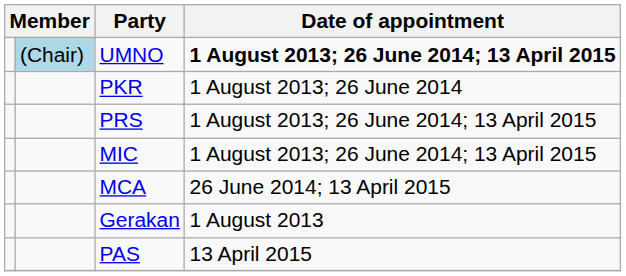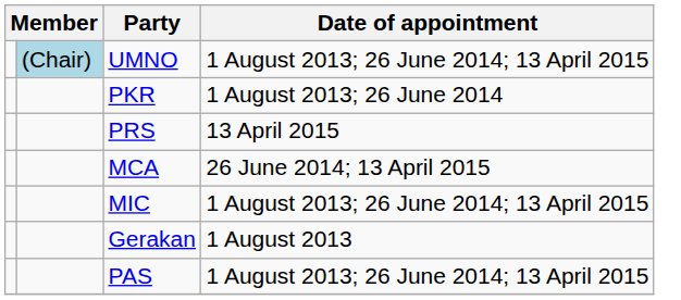 <table class="sortable wikitable">
 <tr>
 <th colspan="2" valign="top">Member</th>
 <th valign="top">Party</th>
 <th valign="top">Date of appointment</th>
 </tr>
 <tr>
 <td></td>
 <td style="background: lightblue;"> (Chair)</td>
 <td><a href='#'>UMNO</a></td>
-<td><strong>1 August 2013; 26 June 2014; 13 April 2015</strong></td>
+<td>1 August 2013; 26 June 2014; 13 April 2015</td>
 </tr>
 <tr>
 <td></td>
 <td></td>
 <td><a href='#'>PKR</a></td>
 <td>1 August 2013; 26 June 2014</td>
 </tr>
 <tr>
 <td></td>
 <td></td>
 <td><a href='#'>PRS</a></td>
-<td>1 August 2013; 26 June 2014; 13 April 2015</td>
+<td>13 April 2015</td>
+</tr>
+<tr>
+<td></td>
+<td></td>
+<td><a href='#'>MCA</a></td>
+<td>26 June 2014; 13 April 2015</td>
 </tr>
 <tr>
 <td></td>
 <td></td>
 <td><a href='#'>MIC</a></td>
 <td>1 August 2013; 26 June 2014; 13 April 2015</td>
-</tr>
-<tr>
-<td></td>
-<td></td>
-<td><a href='#'>MCA</a></td>
-<td>26 June 2014; 13 April 2015</td>
 </tr>
 <tr>
 <td></td>
 <td></td>
 <td><a href='#'>Gerakan</a></td>
 <td>1 August 2013</td>
 </tr>
 <tr>
 <td></td>
 <td></td>
 <td><a href='#'>PAS</a></td>
-<td>13 April 2015</td>
+<td>1 August 2013; 26 June 2014; 13 April 2015</td>
 </tr>
 <tr>
 </tr>
 </table>
